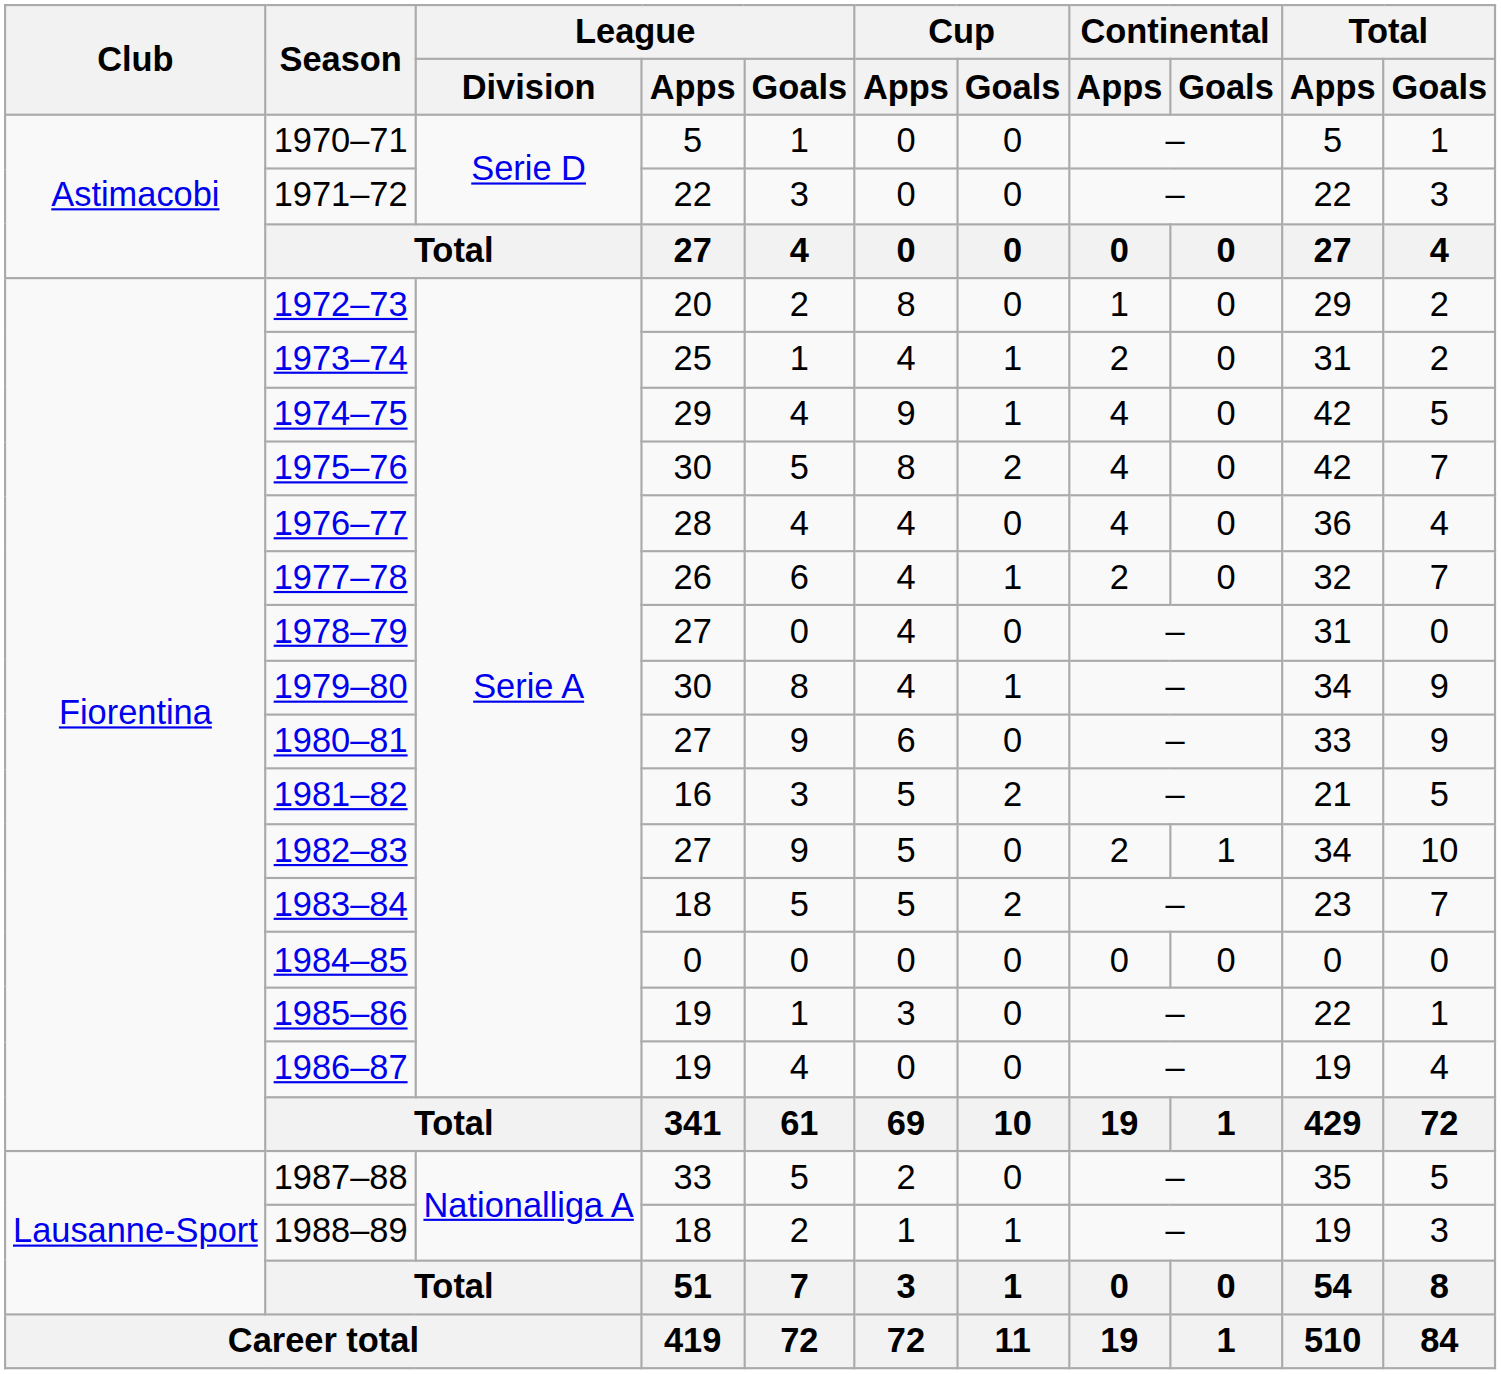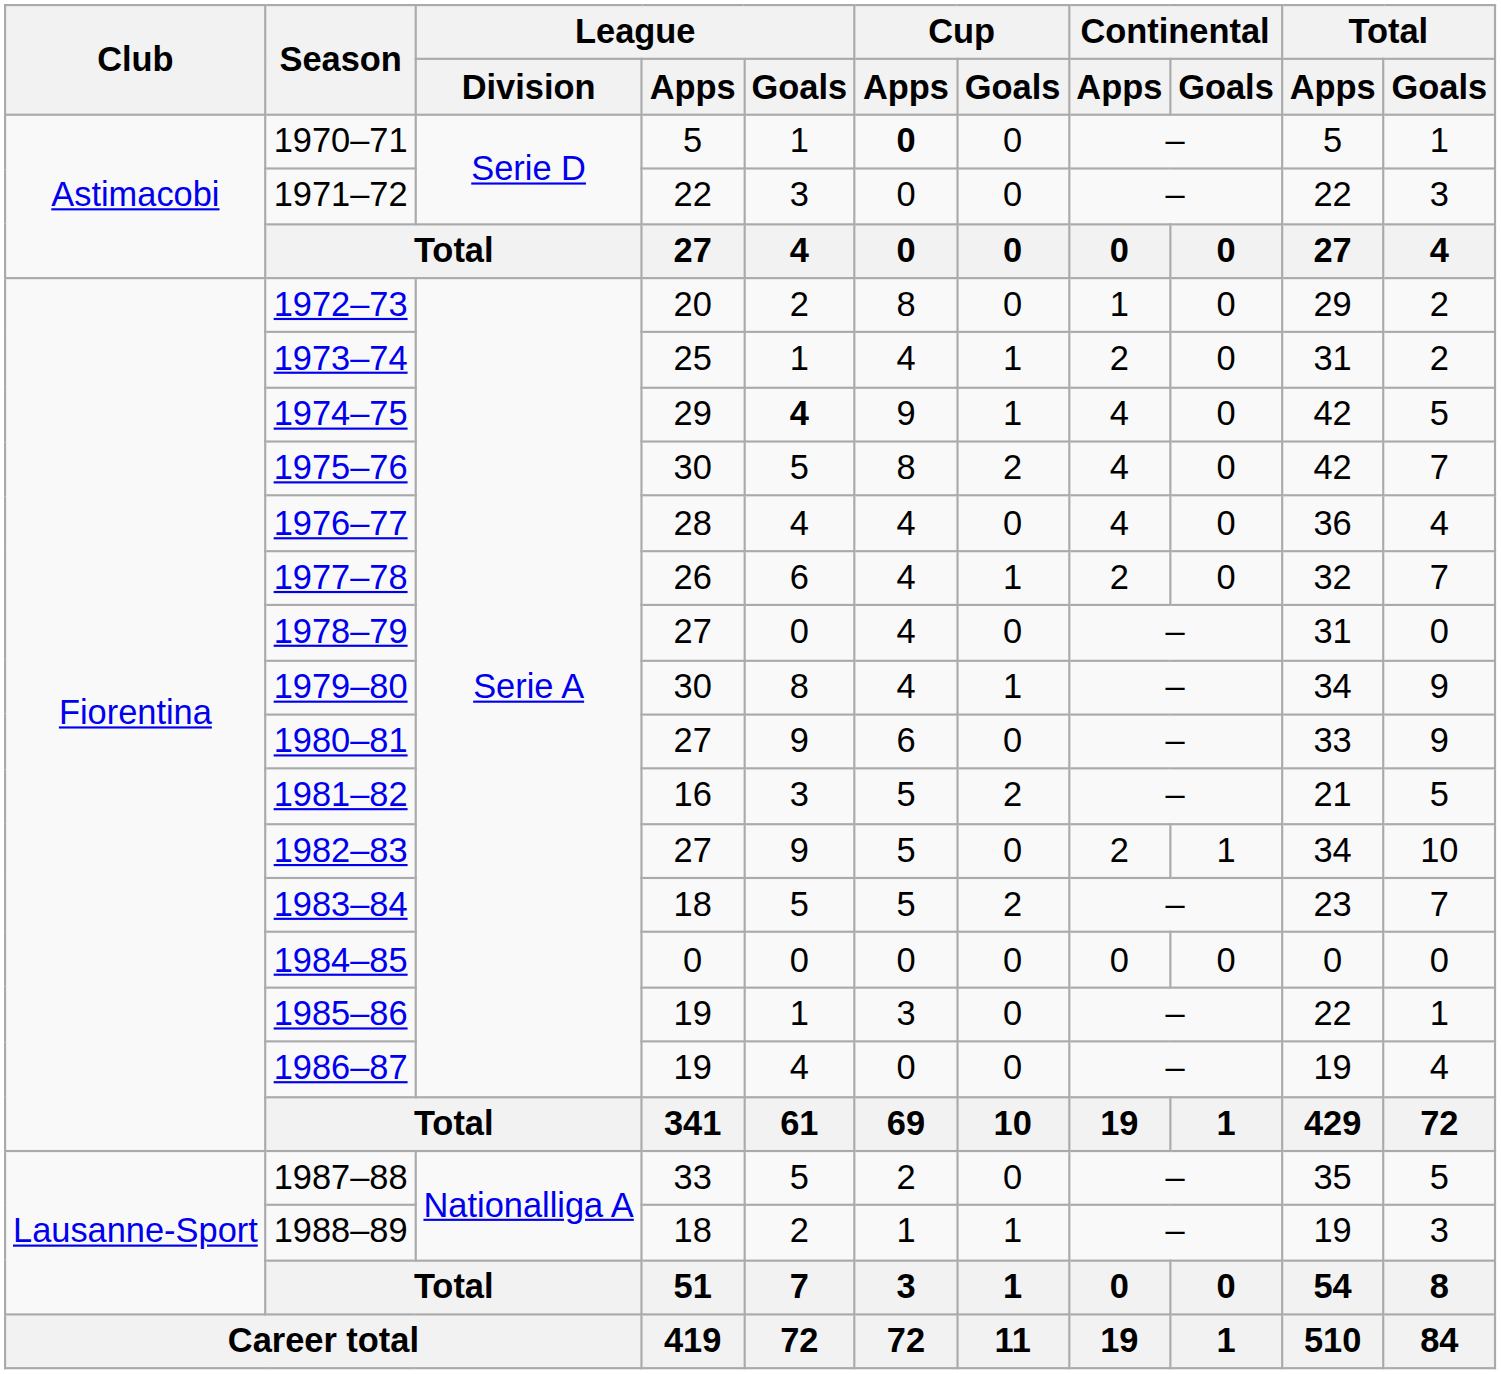 <table class="wikitable" style="text-align:center">
 <tr>
 <th rowspan="2">Club</th>
 <th rowspan="2">Season</th>
 <th colspan="3">League</th>
 <th colspan="2">Cup</th>
 <th colspan="2">Continental</th>
 <th colspan="2">Total</th>
 </tr>
 <tr>
 <th>Division</th>
 <th>Apps</th>
 <th>Goals</th>
 <th>Apps</th>
 <th>Goals</th>
 <th>Apps</th>
 <th>Goals</th>
 <th>Apps</th>
 <th>Goals</th>
 </tr>
 <tr>
 <td rowspan="3"><a href='#'>Astimacobi</a></td>
 <td>1970–71</td>
 <td rowspan="2"><a href='#'>Serie D</a></td>
 <td>5</td>
 <td>1</td>
-<td>0</td>
+<td><strong>0</strong></td>
 <td>0</td>
 <td colspan="2">–</td>
 <td>5</td>
 <td>1</td>
 </tr>
 <tr>
 <td>1971–72</td>
 <td>22</td>
 <td>3</td>
 <td>0</td>
 <td>0</td>
 <td colspan="2">–</td>
 <td>22</td>
 <td>3</td>
 </tr>
 <tr>
 <th colspan="2">Total</th>
 <th>27</th>
 <th>4</th>
 <th>0</th>
 <th>0</th>
 <th>0</th>
 <th>0</th>
 <th>27</th>
 <th>4</th>
 </tr>
 <tr>
 <td rowspan="16"><a href='#'>Fiorentina</a></td>
 <td><a href='#'>1972–73</a></td>
 <td rowspan="15"><a href='#'>Serie A</a></td>
 <td>20</td>
 <td>2</td>
 <td>8</td>
 <td>0</td>
 <td>1</td>
 <td>0</td>
 <td>29</td>
 <td>2</td>
 </tr>
 <tr>
 <td><a href='#'>1973–74</a></td>
 <td>25</td>
 <td>1</td>
 <td>4</td>
 <td>1</td>
 <td>2</td>
 <td>0</td>
 <td>31</td>
 <td>2</td>
 </tr>
 <tr>
 <td><a href='#'>1974–75</a></td>
 <td>29</td>
-<td>4</td>
+<td><strong>4</strong></td>
 <td>9</td>
 <td>1</td>
 <td>4</td>
 <td>0</td>
 <td>42</td>
 <td>5</td>
 </tr>
 <tr>
 <td><a href='#'>1975–76</a></td>
 <td>30</td>
 <td>5</td>
 <td>8</td>
 <td>2</td>
 <td>4</td>
 <td>0</td>
 <td>42</td>
 <td>7</td>
 </tr>
 <tr>
 <td><a href='#'>1976–77</a></td>
 <td>28</td>
 <td>4</td>
 <td>4</td>
 <td>0</td>
 <td>4</td>
 <td>0</td>
 <td>36</td>
 <td>4</td>
 </tr>
 <tr>
 <td><a href='#'>1977–78</a></td>
 <td>26</td>
 <td>6</td>
 <td>4</td>
 <td>1</td>
 <td>2</td>
 <td>0</td>
 <td>32</td>
 <td>7</td>
 </tr>
 <tr>
 <td><a href='#'>1978–79</a></td>
 <td>27</td>
 <td>0</td>
 <td>4</td>
 <td>0</td>
 <td colspan="2">–</td>
 <td>31</td>
 <td>0</td>
 </tr>
 <tr>
 <td><a href='#'>1979–80</a></td>
 <td>30</td>
 <td>8</td>
 <td>4</td>
 <td>1</td>
 <td colspan="2">–</td>
 <td>34</td>
 <td>9</td>
 </tr>
 <tr>
 <td><a href='#'>1980–81</a></td>
 <td>27</td>
 <td>9</td>
 <td>6</td>
 <td>0</td>
 <td colspan="2">–</td>
 <td>33</td>
 <td>9</td>
 </tr>
 <tr>
 <td><a href='#'>1981–82</a></td>
 <td>16</td>
 <td>3</td>
 <td>5</td>
 <td>2</td>
 <td colspan="2">–</td>
 <td>21</td>
 <td>5</td>
 </tr>
 <tr>
 <td><a href='#'>1982–83</a></td>
 <td>27</td>
 <td>9</td>
 <td>5</td>
 <td>0</td>
 <td>2</td>
 <td>1</td>
 <td>34</td>
 <td>10</td>
 </tr>
 <tr>
 <td><a href='#'>1983–84</a></td>
 <td>18</td>
 <td>5</td>
 <td>5</td>
 <td>2</td>
 <td colspan="2">–</td>
 <td>23</td>
 <td>7</td>
 </tr>
 <tr>
 <td><a href='#'>1984–85</a></td>
 <td>0</td>
 <td>0</td>
 <td>0</td>
 <td>0</td>
 <td>0</td>
 <td>0</td>
 <td>0</td>
 <td>0</td>
 </tr>
 <tr>
 <td><a href='#'>1985–86</a></td>
 <td>19</td>
 <td>1</td>
 <td>3</td>
 <td>0</td>
 <td colspan="2">–</td>
 <td>22</td>
 <td>1</td>
 </tr>
 <tr>
 <td><a href='#'>1986–87</a></td>
 <td>19</td>
 <td>4</td>
 <td>0</td>
 <td>0</td>
 <td colspan="2">–</td>
 <td>19</td>
 <td>4</td>
 </tr>
 <tr>
 <th colspan="2">Total</th>
 <th>341</th>
 <th>61</th>
 <th>69</th>
 <th>10</th>
 <th>19</th>
 <th>1</th>
 <th>429</th>
 <th>72</th>
 </tr>
 <tr>
 <td rowspan="3"><a href='#'>Lausanne-Sport</a></td>
 <td>1987–88</td>
 <td rowspan="2"><a href='#'>Nationalliga A</a></td>
 <td>33</td>
 <td>5</td>
 <td>2</td>
 <td>0</td>
 <td colspan="2">–</td>
 <td>35</td>
 <td>5</td>
 </tr>
 <tr>
 <td>1988–89</td>
 <td>18</td>
 <td>2</td>
 <td>1</td>
 <td>1</td>
 <td colspan="2">–</td>
 <td>19</td>
 <td>3</td>
 </tr>
 <tr>
 <th colspan="2">Total</th>
 <th>51</th>
 <th>7</th>
 <th>3</th>
 <th>1</th>
 <th>0</th>
 <th>0</th>
 <th>54</th>
 <th>8</th>
 </tr>
 <tr>
 <th colspan="3">Career total</th>
 <th>419</th>
 <th>72</th>
 <th>72</th>
 <th>11</th>
 <th>19</th>
 <th>1</th>
 <th>510</th>
 <th>84</th>
 </tr>
 </table>
